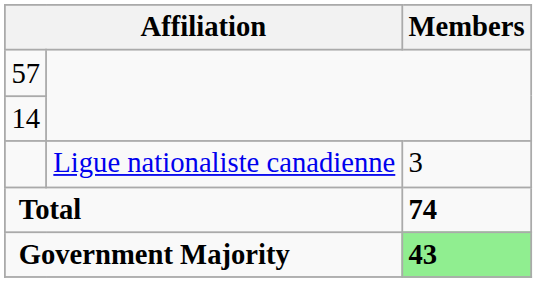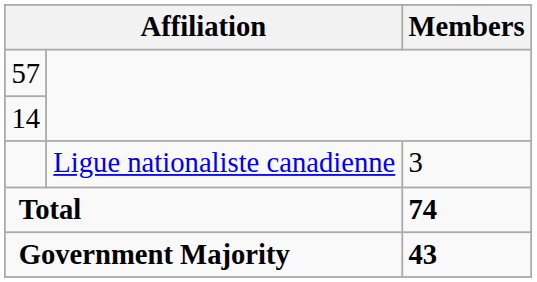 <table class="wikitable">
 <tr>
 <th colspan="2">Affiliation</th>
 <th>Members</th>
 </tr>
 <tr>
 <td>57</td>
 </tr>
 <tr>
 <td>14</td>
 </tr>
 <tr>
 <td></td>
 <td><a href='#'>Ligue nationaliste canadienne</a></td>
 <td>3</td>
 </tr>
 <tr>
 <td colspan="2" style="text-align:left;"> <strong>Total</strong><br></td>
 <td><strong>74</strong></td>
 </tr>
 <tr>
 <td colspan="2" style="text-align:left;"> <strong>Government Majority</strong><br></td>
-<td style="background: lightgreen;"><strong>43</strong></td>
+<td><strong>43</strong></td>
 </tr>
 </table>
